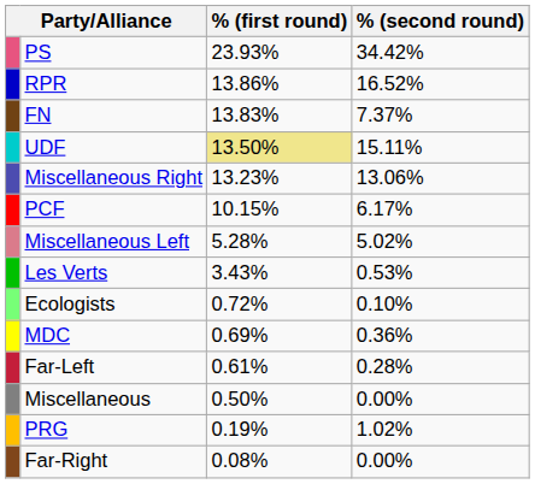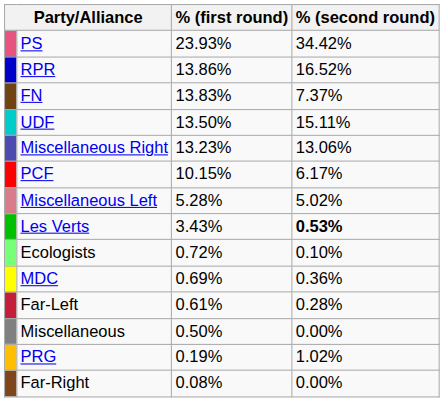 <table class="wikitable">
 <tr bgcolor=lightgrey>
 <th colspan=2>Party/Alliance</th>
 <th>% (first round)</th>
 <th>% (second round)</th>
 </tr>
 <tr>
 <td bgcolor="#E75480"> </td>
 <td><a href='#'>PS</a></td>
 <td>23.93%</td>
 <td>34.42%</td>
 </tr>
 <tr>
 <td bgcolor="#0000C8"> </td>
 <td><a href='#'>RPR</a></td>
 <td>13.86%</td>
 <td>16.52%</td>
 </tr>
 <tr>
 <td bgcolor="#704214"></td>
 <td><a href='#'>FN</a></td>
 <td>13.83%</td>
 <td>7.37%</td>
 </tr>
 <tr>
 <td bgcolor="#00CCCC"></td>
 <td><a href='#'>UDF</a></td>
-<td style="background: khaki;">13.50%</td>
+<td>13.50%</td>
 <td>15.11%</td>
 </tr>
 <tr>
 <td bgcolor="#4C4CB0"></td>
 <td><a href='#'>Miscellaneous Right</a></td>
 <td>13.23%</td>
 <td>13.06%</td>
 </tr>
 <tr>
 <td bgcolor="#FF0000"></td>
 <td><a href='#'>PCF</a></td>
 <td>10.15%</td>
 <td>6.17%</td>
 </tr>
 <tr>
 <td bgcolor="#DA7B8B"></td>
 <td><a href='#'>Miscellaneous Left</a></td>
 <td>5.28%</td>
 <td>5.02%</td>
 </tr>
 <tr>
 <td bgcolor="#00c000"></td>
 <td><a href='#'>Les Verts</a></td>
 <td>3.43%</td>
-<td>0.53%</td>
+<td><strong>0.53%</strong></td>
 </tr>
 <tr>
 <td bgcolor="#77ff77"></td>
 <td>Ecologists</td>
 <td>0.72%</td>
 <td>0.10%</td>
 </tr>
 <tr>
 <td bgcolor="yellow"> </td>
 <td><a href='#'>MDC</a></td>
 <td>0.69%</td>
 <td>0.36%</td>
 </tr>
 <tr>
 <td bgcolor="#C41E3A"></td>
 <td>Far-Left</td>
 <td>0.61%</td>
 <td>0.28%</td>
 </tr>
 <tr>
 <td bgcolor="gray"></td>
 <td>Miscellaneous</td>
 <td>0.50%</td>
 <td>0.00%</td>
 </tr>
 <tr>
 <td bgcolor="#FFBF00"></td>
 <td><a href='#'>PRG</a></td>
 <td>0.19%</td>
 <td>1.02%</td>
 </tr>
 <tr>
 <td bgcolor="#80461B"></td>
 <td>Far-Right</td>
 <td>0.08%</td>
 <td>0.00%</td>
 </tr>
 </table>
